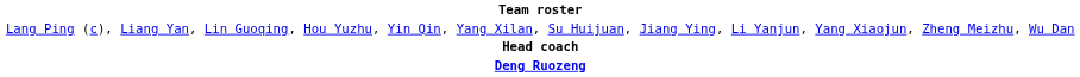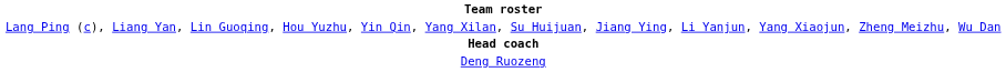 <table style="text-align:center; margin-top:2em; margin-left:auto; margin-right:auto">
 <tr>
 <td><strong>Team roster</strong></td>
 </tr>
 <tr>
 <td><a href='#'>Lang Ping</a> (<a href='#'>c</a>), <a href='#'>Liang Yan</a>, <a href='#'>Lin Guoqing</a>, <a href='#'>Hou Yuzhu</a>, <a href='#'>Yin Qin</a>, <a href='#'>Yang Xilan</a>, <a href='#'>Su Huijuan</a>, <a href='#'>Jiang Ying</a>, <a href='#'>Li Yanjun</a>, <a href='#'>Yang Xiaojun</a>, <a href='#'>Zheng Meizhu</a>, <a href='#'>Wu Dan</a></td>
 </tr>
 <tr>
 <td><strong>Head coach</strong></td>
 </tr>
 <tr>
-<td><strong><a href='#'>Deng Ruozeng</a></strong></td>
+<td><a href='#'>Deng Ruozeng</a></td>
 </tr>
 <tr>
 </tr>
 </table>
